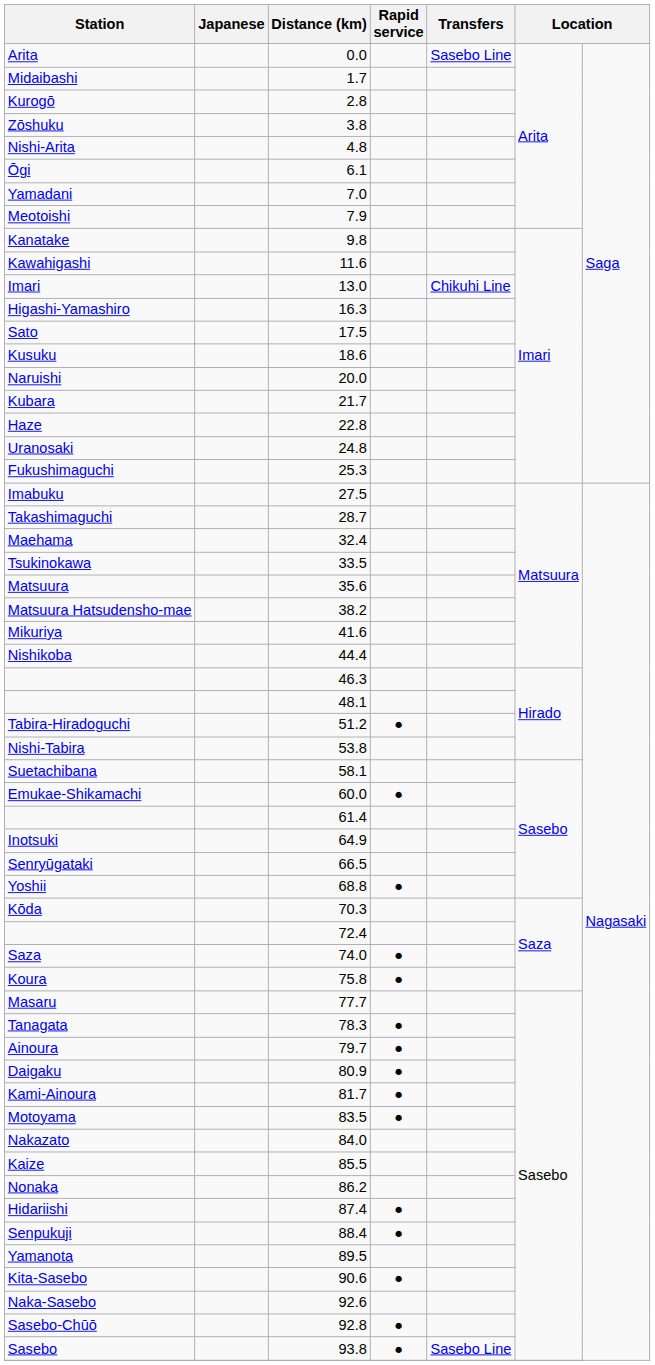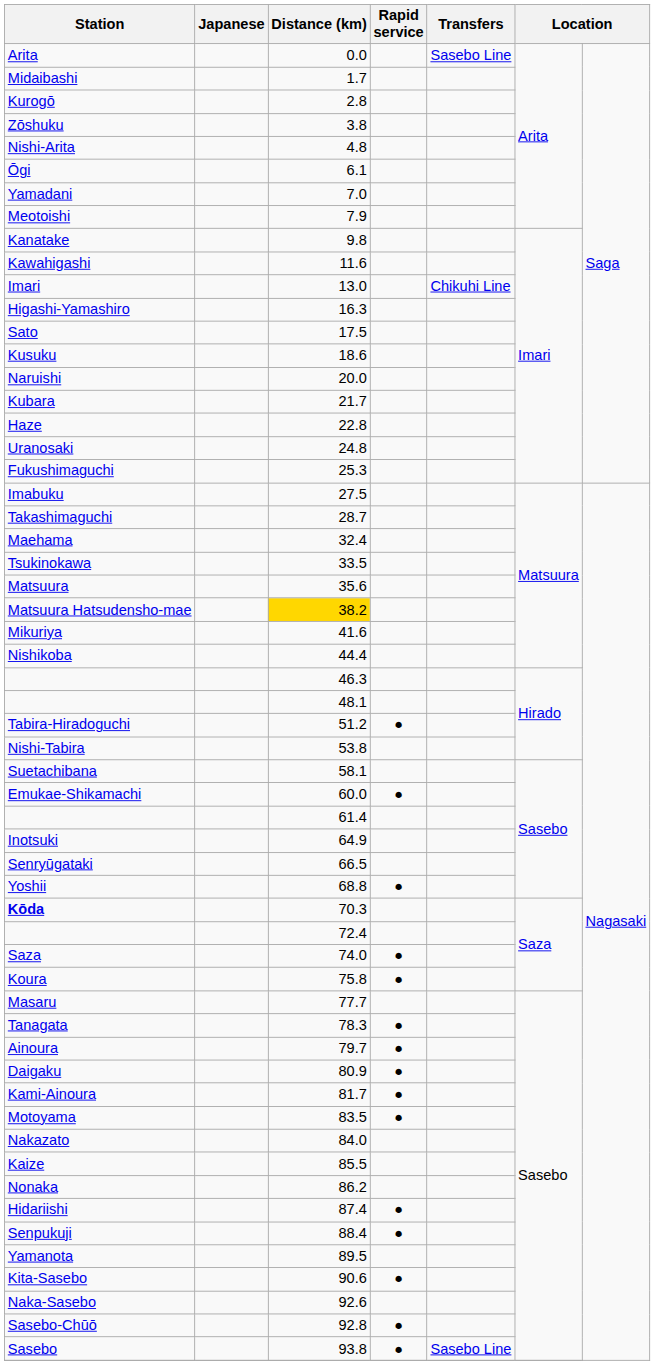 <table class=wikitable>
 <tr>
 <th>Station</th>
 <th>Japanese</th>
 <th>Distance (km)</th>
 <th>Rapid<br>service</th>
 <th>Transfers</th>
 <th colspan="2">Location</th>
 </tr>
 <tr>
 <td><a href='#'>Arita</a></td>
 <td></td>
 <td align="right">0.0</td>
 <td> </td>
 <td><a href='#'>Sasebo Line</a></td>
 <td rowspan="8"><a href='#'>Arita</a></td>
 <td rowspan="19"><a href='#'>Saga</a></td>
 </tr>
 <tr>
 <td><a href='#'>Midaibashi</a></td>
 <td></td>
 <td align="right">1.7</td>
 <td> </td>
 <td> </td>
 </tr>
 <tr>
 <td><a href='#'>Kurogō</a></td>
 <td></td>
 <td align="right">2.8</td>
 <td> </td>
 <td> </td>
 </tr>
 <tr>
 <td><a href='#'>Zōshuku</a></td>
 <td></td>
 <td align="right">3.8</td>
 <td> </td>
 <td> </td>
 </tr>
 <tr>
 <td><a href='#'>Nishi-Arita</a></td>
 <td></td>
 <td align="right">4.8</td>
 <td> </td>
 <td> </td>
 </tr>
 <tr>
 <td><a href='#'>Ōgi</a></td>
 <td></td>
 <td align="right">6.1</td>
 <td> </td>
 <td> </td>
 </tr>
 <tr>
 <td><a href='#'>Yamadani</a></td>
 <td></td>
 <td align="right">7.0</td>
 <td> </td>
 <td> </td>
 </tr>
 <tr>
 <td><a href='#'>Meotoishi</a></td>
 <td></td>
 <td align="right">7.9</td>
 <td> </td>
 <td> </td>
 </tr>
 <tr>
 <td><a href='#'>Kanatake</a></td>
 <td></td>
 <td align="right">9.8</td>
 <td> </td>
 <td> </td>
 <td rowspan="11"><a href='#'>Imari</a></td>
 </tr>
 <tr>
 <td><a href='#'>Kawahigashi</a></td>
 <td></td>
 <td align="right">11.6</td>
 <td> </td>
 <td> </td>
 </tr>
 <tr>
 <td><a href='#'>Imari</a></td>
 <td></td>
 <td align="right">13.0</td>
 <td> </td>
 <td><a href='#'>Chikuhi Line</a></td>
 </tr>
 <tr>
 <td><a href='#'>Higashi-Yamashiro</a></td>
 <td></td>
 <td align="right">16.3</td>
 <td> </td>
 <td> </td>
 </tr>
 <tr>
 <td><a href='#'>Sato</a></td>
 <td></td>
 <td align="right">17.5</td>
 <td> </td>
 <td> </td>
 </tr>
 <tr>
 <td><a href='#'>Kusuku</a></td>
 <td></td>
 <td align="right">18.6</td>
 <td> </td>
 <td> </td>
 </tr>
 <tr>
 <td><a href='#'>Naruishi</a></td>
 <td></td>
 <td align="right">20.0</td>
 <td> </td>
 <td> </td>
 </tr>
 <tr>
 <td><a href='#'>Kubara</a></td>
 <td></td>
 <td align="right">21.7</td>
 <td> </td>
 <td> </td>
 </tr>
 <tr>
 <td><a href='#'>Haze</a></td>
 <td></td>
 <td align="right">22.8</td>
 <td> </td>
 <td> </td>
 </tr>
 <tr>
 <td><a href='#'>Uranosaki</a></td>
 <td></td>
 <td align="right">24.8</td>
 <td> </td>
 <td> </td>
 </tr>
 <tr>
 <td><a href='#'>Fukushimaguchi</a></td>
 <td></td>
 <td align="right">25.3</td>
 <td> </td>
 <td> </td>
 </tr>
 <tr>
 <td><a href='#'>Imabuku</a></td>
 <td></td>
 <td align="right">27.5</td>
 <td> </td>
 <td> </td>
 <td rowspan="8"><a href='#'>Matsuura</a></td>
 <td rowspan="39"><a href='#'>Nagasaki</a></td>
 </tr>
 <tr>
 <td><a href='#'>Takashimaguchi</a></td>
 <td></td>
 <td align="right">28.7</td>
 <td> </td>
 <td> </td>
 </tr>
 <tr>
 <td><a href='#'>Maehama</a></td>
 <td></td>
 <td align="right">32.4</td>
 <td> </td>
 <td> </td>
 </tr>
 <tr>
 <td><a href='#'>Tsukinokawa</a></td>
 <td></td>
 <td align="right">33.5</td>
 <td> </td>
 <td> </td>
 </tr>
 <tr>
 <td><a href='#'>Matsuura</a></td>
 <td></td>
 <td align="right">35.6</td>
 <td> </td>
 <td> </td>
 </tr>
 <tr>
 <td><a href='#'>Matsuura Hatsudensho-mae</a></td>
 <td></td>
-<td align="right">38.2</td>
+<td align="right" style="background: gold;">38.2</td>
 <td> </td>
 <td> </td>
 </tr>
 <tr>
 <td><a href='#'>Mikuriya</a></td>
 <td></td>
 <td align="right">41.6</td>
 <td> </td>
 <td> </td>
 </tr>
 <tr>
 <td><a href='#'>Nishikoba</a></td>
 <td></td>
 <td align="right">44.4</td>
 <td> </td>
 <td> </td>
 </tr>
 <tr>
 <td></td>
 <td></td>
 <td align="right">46.3</td>
 <td> </td>
 <td> </td>
 <td rowspan="4"><a href='#'>Hirado</a></td>
 </tr>
 <tr>
 <td></td>
 <td></td>
 <td align="right">48.1</td>
 <td> </td>
 <td> </td>
 </tr>
 <tr>
 <td><a href='#'>Tabira-Hiradoguchi</a></td>
 <td></td>
 <td align="right">51.2</td>
 <td align="center">●</td>
 <td> </td>
 </tr>
 <tr>
 <td><a href='#'>Nishi-Tabira</a></td>
 <td></td>
 <td align="right">53.8</td>
 <td align="center"></td>
 <td> </td>
 </tr>
 <tr>
 <td><a href='#'>Suetachibana</a></td>
 <td></td>
 <td align="right">58.1</td>
 <td align="center"></td>
 <td> </td>
 <td rowspan="6"><a href='#'>Sasebo</a></td>
 </tr>
 <tr>
 <td><a href='#'>Emukae-Shikamachi</a></td>
 <td></td>
 <td align="right">60.0</td>
 <td align="center">●</td>
 <td> </td>
 </tr>
 <tr>
 <td></td>
 <td></td>
 <td align="right">61.4</td>
 <td align="center"></td>
 <td> </td>
 </tr>
 <tr>
 <td><a href='#'>Inotsuki</a></td>
 <td></td>
 <td align="right">64.9</td>
 <td align="center"></td>
 <td> </td>
 </tr>
 <tr>
 <td><a href='#'>Senryūgataki</a></td>
 <td></td>
 <td align="right">66.5</td>
 <td align="center"></td>
 <td> </td>
 </tr>
 <tr>
 <td><a href='#'>Yoshii</a></td>
 <td></td>
 <td align="right">68.8</td>
 <td align="center">●</td>
 <td> </td>
 </tr>
 <tr>
-<td><a href='#'>Kōda</a></td>
+<td><strong><a href='#'>Kōda</a></strong></td>
 <td></td>
 <td align="right">70.3</td>
 <td align="center"></td>
 <td> </td>
 <td rowspan="4"><a href='#'>Saza</a></td>
 </tr>
 <tr>
 <td></td>
 <td></td>
 <td align="right">72.4</td>
 <td align="center"></td>
 <td> </td>
 </tr>
 <tr>
 <td><a href='#'>Saza</a></td>
 <td></td>
 <td align="right">74.0</td>
 <td align="center">●</td>
 <td> </td>
 </tr>
 <tr>
 <td><a href='#'>Koura</a></td>
 <td></td>
 <td align="right">75.8</td>
 <td align="center">●</td>
 <td> </td>
 </tr>
 <tr>
 <td><a href='#'>Masaru</a></td>
 <td></td>
 <td align="right">77.7</td>
 <td align="center"></td>
 <td> </td>
 <td rowspan="16">Sasebo</td>
 </tr>
 <tr>
 <td><a href='#'>Tanagata</a></td>
 <td></td>
 <td align="right">78.3</td>
 <td align="center">●</td>
 <td> </td>
 </tr>
 <tr>
 <td><a href='#'>Ainoura</a></td>
 <td></td>
 <td align="right">79.7</td>
 <td align="center">●</td>
 <td> </td>
 </tr>
 <tr>
 <td><a href='#'>Daigaku</a></td>
 <td></td>
 <td align="right">80.9</td>
 <td align="center">●</td>
 <td> </td>
 </tr>
 <tr>
 <td><a href='#'>Kami-Ainoura</a></td>
 <td></td>
 <td align="right">81.7</td>
 <td align="center">●</td>
 <td> </td>
 </tr>
 <tr>
 <td><a href='#'>Motoyama</a></td>
 <td></td>
 <td align="right">83.5</td>
 <td align="center">●</td>
 <td> </td>
 </tr>
 <tr>
 <td><a href='#'>Nakazato</a></td>
 <td></td>
 <td align="right">84.0</td>
 <td align="center"></td>
 <td> </td>
 </tr>
 <tr>
 <td><a href='#'>Kaize</a></td>
 <td></td>
 <td align="right">85.5</td>
 <td align="center"></td>
 <td> </td>
 </tr>
 <tr>
 <td><a href='#'>Nonaka</a></td>
 <td></td>
 <td align="right">86.2</td>
 <td align="center"></td>
 <td> </td>
 </tr>
 <tr>
 <td><a href='#'>Hidariishi</a></td>
 <td></td>
 <td align="right">87.4</td>
 <td align="center">●</td>
 <td> </td>
 </tr>
 <tr>
 <td><a href='#'>Senpukuji</a></td>
 <td></td>
 <td align="right">88.4</td>
 <td align="center">●</td>
 <td> </td>
 </tr>
 <tr>
 <td><a href='#'>Yamanota</a></td>
 <td></td>
 <td align="right">89.5</td>
 <td align="center"></td>
 <td> </td>
 </tr>
 <tr>
 <td><a href='#'>Kita-Sasebo</a></td>
 <td></td>
 <td align="right">90.6</td>
 <td align="center">●</td>
 <td> </td>
 </tr>
 <tr>
 <td><a href='#'>Naka-Sasebo</a></td>
 <td></td>
 <td align="right">92.6</td>
 <td align="center"></td>
 <td> </td>
 </tr>
 <tr>
 <td><a href='#'>Sasebo-Chūō</a></td>
 <td></td>
 <td align="right">92.8</td>
 <td align="center">●</td>
 <td> </td>
 </tr>
 <tr>
 <td><a href='#'>Sasebo</a></td>
 <td></td>
 <td align="right">93.8</td>
 <td align="center">●</td>
 <td><a href='#'>Sasebo Line</a></td>
 </tr>
 <tr>
 </tr>
 </table>
